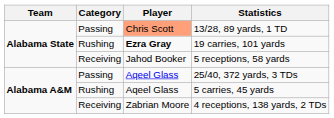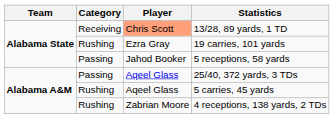 <table class="wikitable" style="float: left;">
 <tr>
 <th>Team</th>
 <th>Category</th>
 <th>Player</th>
 <th>Statistics</th>
 </tr>
 <tr>
 <td rowspan=3><strong>Alabama State</strong></td>
-<td>Passing</td>
+<td>Receiving</td>
 <td style="background: lightsalmon;">Chris Scott</td>
 <td>13/28, 89 yards, 1 TD</td>
 </tr>
 <tr>
 <td>Rushing</td>
-<td><strong>Ezra Gray</strong></td>
+<td>Ezra Gray</td>
 <td>19 carries, 101 yards</td>
 </tr>
 <tr>
-<td>Receiving</td>
+<td>Passing</td>
 <td>Jahod Booker</td>
 <td>5 receptions, 58 yards</td>
 </tr>
 <tr>
 <td rowspan=3><strong>Alabama A&M</strong></td>
 <td>Passing</td>
 <td><a href='#'>Aqeel Glass</a></td>
 <td>25/40, 372 yards, 3 TDs</td>
 </tr>
 <tr>
 <td>Rushing</td>
 <td>Aqeel Glass</td>
 <td>5 carries, 45 yards</td>
 </tr>
 <tr>
-<td>Receiving</td>
+<td>Rushing</td>
 <td>Zabrian Moore</td>
 <td>4 receptions, 138 yards, 2 TDs</td>
 </tr>
 </table>
